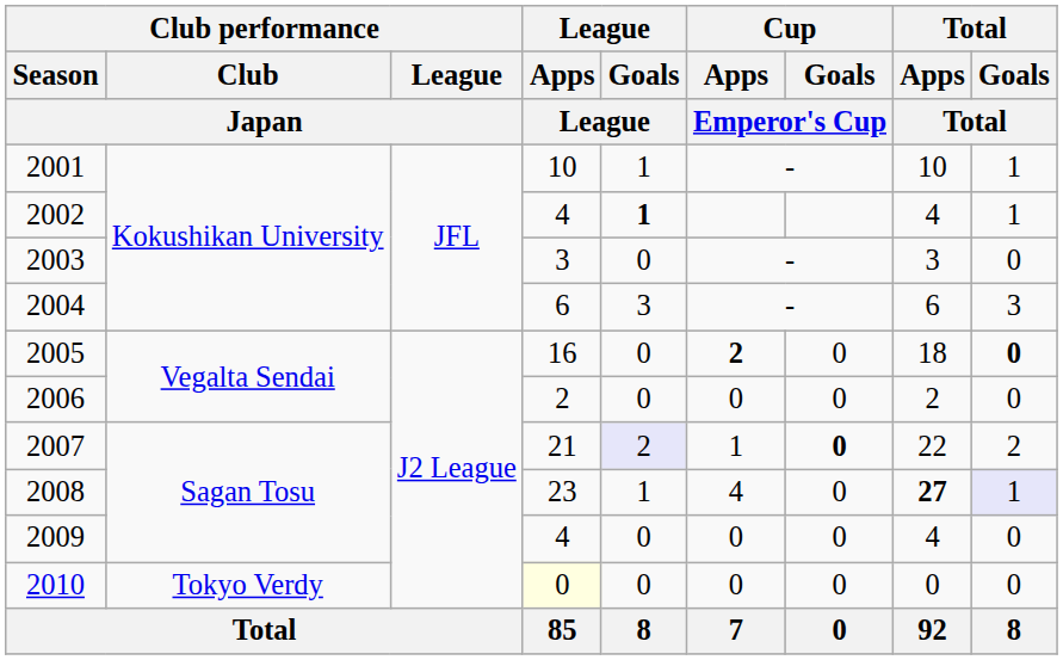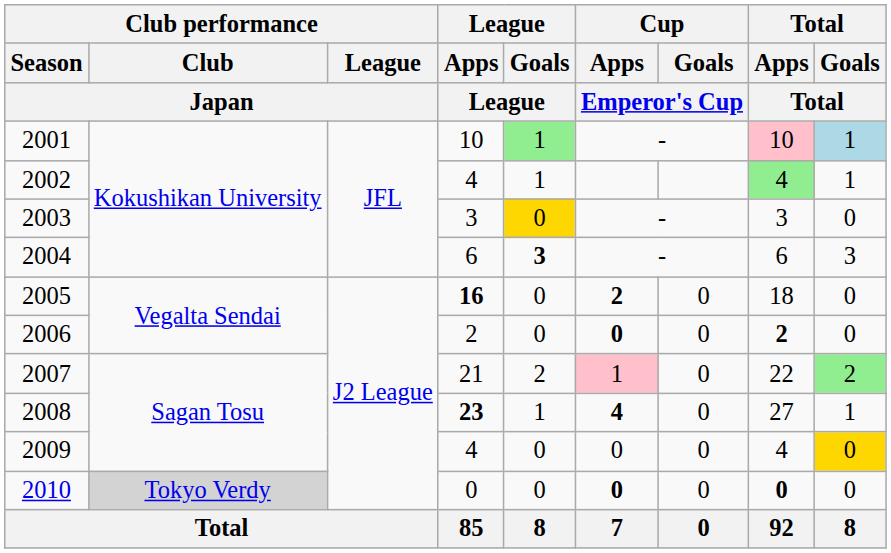 <table class="wikitable" style="text-align:center;">
 <tr>
 <th colspan=3>Club performance</th>
 <th colspan=2>League</th>
 <th colspan=2>Cup</th>
 <th colspan=2>Total</th>
 </tr>
 <tr>
 <th>Season</th>
 <th>Club</th>
 <th>League</th>
 <th>Apps</th>
 <th>Goals</th>
 <th>Apps</th>
 <th>Goals</th>
 <th>Apps</th>
 <th>Goals</th>
 </tr>
 <tr>
 <th colspan=3>Japan</th>
 <th colspan=2>League</th>
 <th colspan=2><a href='#'>Emperor's Cup</a></th>
 <th colspan=2>Total</th>
 </tr>
 <tr>
 <td>2001</td>
 <td rowspan="4"><a href='#'>Kokushikan University</a></td>
 <td rowspan="4"><a href='#'>JFL</a></td>
 <td>10</td>
-<td>1</td>
+<td style="background: lightgreen;">1</td>
 <td colspan="2">-</td>
-<td>10</td>
-<td>1</td>
+<td style="background: pink;">10</td>
+<td style="background: lightblue;">1</td>
 </tr>
 <tr>
 <td>2002</td>
 <td>4</td>
-<td><strong>1</strong></td>
+<td>1</td>
 <td></td>
 <td></td>
-<td>4</td>
+<td style="background: lightgreen;">4</td>
 <td>1</td>
 </tr>
 <tr>
 <td>2003</td>
 <td>3</td>
-<td>0</td>
+<td style="background: gold;">0</td>
 <td colspan="2">-</td>
 <td>3</td>
 <td>0</td>
 </tr>
 <tr>
 <td>2004</td>
 <td>6</td>
-<td>3</td>
+<td><strong>3</strong></td>
 <td colspan="2">-</td>
 <td>6</td>
 <td>3</td>
 </tr>
 <tr>
 <td>2005</td>
 <td rowspan="2"><a href='#'>Vegalta Sendai</a></td>
 <td rowspan="6"><a href='#'>J2 League</a></td>
-<td>16</td>
+<td><strong>16</strong></td>
 <td>0</td>
 <td><strong>2</strong></td>
 <td>0</td>
 <td>18</td>
-<td><strong>0</strong></td>
+<td>0</td>
 </tr>
 <tr>
 <td>2006</td>
 <td>2</td>
 <td>0</td>
+<td><strong>0</strong></td>
 <td>0</td>
-<td>0</td>
-<td>2</td>
+<td><strong>2</strong></td>
 <td>0</td>
 </tr>
 <tr>
 <td>2007</td>
 <td rowspan="3"><a href='#'>Sagan Tosu</a></td>
 <td>21</td>
-<td style="background: lavender;">2</td>
-<td>1</td>
-<td><strong>0</strong></td>
+<td>2</td>
+<td style="background: pink;">1</td>
+<td>0</td>
 <td>22</td>
-<td>2</td>
+<td style="background: lightgreen;">2</td>
 </tr>
 <tr>
 <td>2008</td>
-<td>23</td>
+<td><strong>23</strong></td>
 <td>1</td>
-<td>4</td>
+<td><strong>4</strong></td>
 <td>0</td>
-<td><strong>27</strong></td>
-<td style="background: lavender;">1</td>
+<td>27</td>
+<td>1</td>
 </tr>
 <tr>
 <td>2009</td>
 <td>4</td>
 <td>0</td>
 <td>0</td>
 <td>0</td>
 <td>4</td>
-<td>0</td>
+<td style="background: gold;">0</td>
 </tr>
 <tr>
 <td><a href='#'>2010</a></td>
-<td><a href='#'>Tokyo Verdy</a></td>
-<td style="background: lightyellow;">0</td>
+<td style="background: lightgrey;"><a href='#'>Tokyo Verdy</a></td>
 <td>0</td>
 <td>0</td>
+<td><strong>0</strong></td>
 <td>0</td>
-<td>0</td>
+<td><strong>0</strong></td>
 <td>0</td>
 </tr>
 <tr>
 <th colspan=3>Total</th>
 <th>85</th>
 <th>8</th>
 <th>7</th>
 <th>0</th>
 <th>92</th>
 <th>8</th>
 </tr>
 </table>
